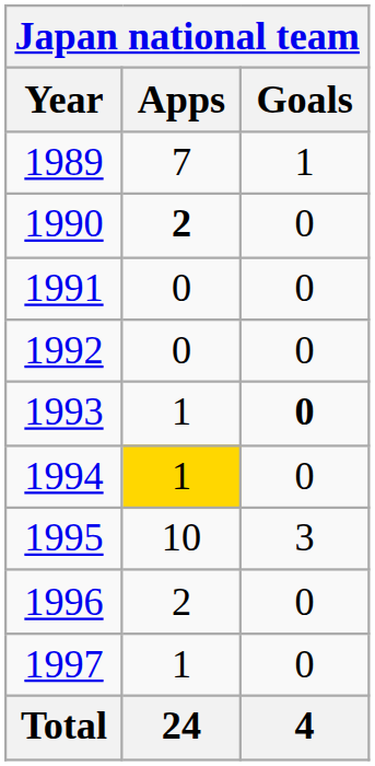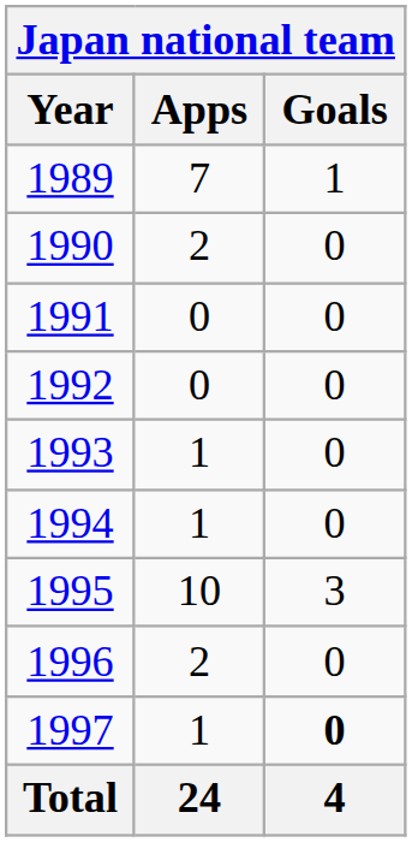 <table class="wikitable" style="text-align:center">
 <tr>
 <th colspan=3><a href='#'>Japan national team</a></th>
 </tr>
 <tr>
 <th>Year</th>
 <th>Apps</th>
 <th>Goals</th>
 </tr>
 <tr>
 <td><a href='#'>1989</a></td>
 <td>7</td>
 <td>1</td>
 </tr>
 <tr>
 <td><a href='#'>1990</a></td>
-<td><strong>2</strong></td>
+<td>2</td>
 <td>0</td>
 </tr>
 <tr>
 <td><a href='#'>1991</a></td>
 <td>0</td>
 <td>0</td>
 </tr>
 <tr>
 <td><a href='#'>1992</a></td>
 <td>0</td>
 <td>0</td>
 </tr>
 <tr>
 <td><a href='#'>1993</a></td>
 <td>1</td>
-<td><strong>0</strong></td>
+<td>0</td>
 </tr>
 <tr>
 <td><a href='#'>1994</a></td>
-<td style="background: gold;">1</td>
+<td>1</td>
 <td>0</td>
 </tr>
 <tr>
 <td><a href='#'>1995</a></td>
 <td>10</td>
 <td>3</td>
 </tr>
 <tr>
 <td><a href='#'>1996</a></td>
 <td>2</td>
 <td>0</td>
 </tr>
 <tr>
 <td><a href='#'>1997</a></td>
 <td>1</td>
-<td>0</td>
+<td><strong>0</strong></td>
 </tr>
 <tr>
 <th>Total</th>
 <th>24</th>
 <th>4</th>
 </tr>
 </table>
